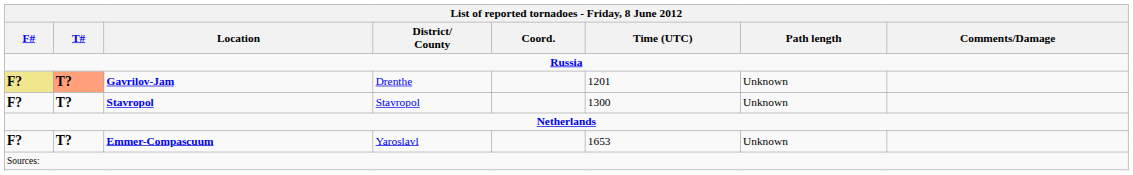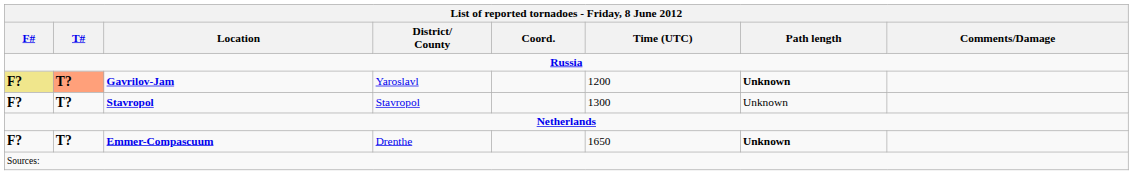 <table class="wikitable collapsible" width="100%">
 <tr>
 <th colspan="8">List of reported tornadoes - Friday, 8 June 2012</th>
 </tr>
 <tr>
 <th><a href='#'>F#</a></th>
 <th><a href='#'>T#</a></th>
 <th>Location</th>
 <th>District/<br>County</th>
 <th>Coord.</th>
 <th>Time (UTC)</th>
 <th>Path length</th>
 <th>Comments/Damage</th>
 </tr>
 <tr>
 <td colspan="8" align=center><strong><a href='#'>Russia</a></strong></td>
 </tr>
 <tr>
 <td style="background: khaki;"><big><strong>F?</strong></big></td>
 <td style="background: lightsalmon;"><big><strong>T?</strong></big></td>
 <td><strong><a href='#'>Gavrilov-Jam</a></strong></td>
-<td><a href='#'>Drenthe</a></td>
+<td><a href='#'>Yaroslavl</a></td>
 <td></td>
-<td>1201</td>
-<td>Unknown</td>
+<td>1200</td>
+<td><strong>Unknown</strong></td>
 <td></td>
 </tr>
 <tr>
 <td><big><strong>F?</strong></big></td>
 <td><big><strong>T?</strong></big></td>
 <td><strong><a href='#'>Stavropol</a></strong></td>
 <td><a href='#'>Stavropol</a></td>
 <td></td>
 <td>1300</td>
 <td>Unknown</td>
 <td></td>
 </tr>
 <tr>
 <td colspan="8" align=center><strong><a href='#'>Netherlands</a></strong></td>
 </tr>
 <tr>
 <td><big><strong>F?</strong></big></td>
 <td><big><strong>T?</strong></big></td>
 <td><strong><a href='#'>Emmer-Compascuum</a></strong></td>
-<td><a href='#'>Yaroslavl</a></td>
+<td><a href='#'>Drenthe</a></td>
 <td></td>
-<td>1653</td>
-<td>Unknown</td>
+<td>1650</td>
+<td><strong>Unknown</strong></td>
 <td></td>
 </tr>
 <tr>
 <td colspan="8"><small>Sources:  </small></td>
 </tr>
 </table>
